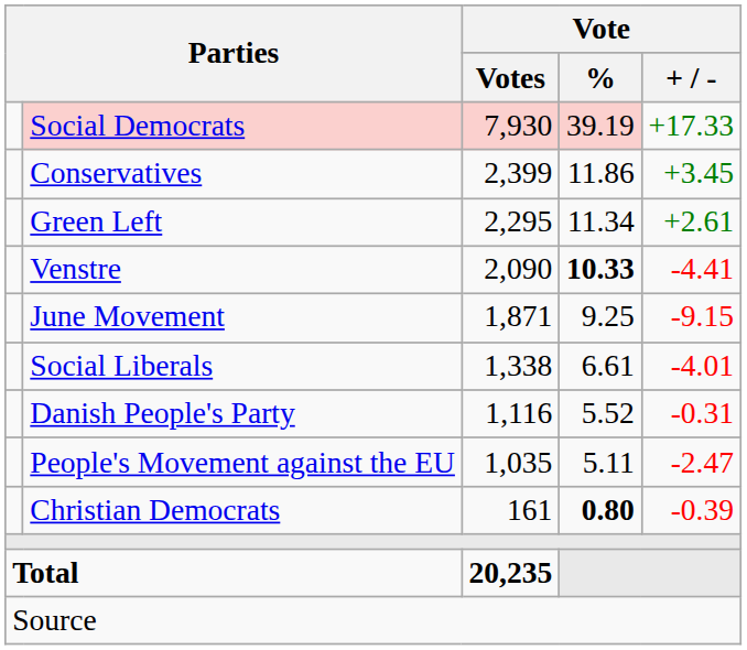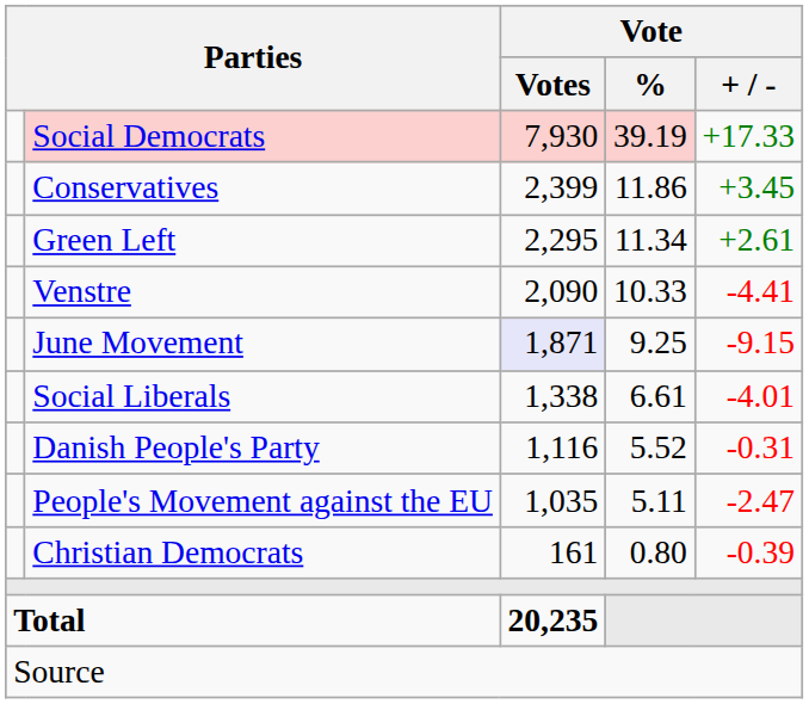 <table class="wikitable" style="text-align:right;">
 <tr>
 <th style="text-align:centre;" rowspan="2" colspan="2" width="225">Parties</th>
 <th colspan="3">Vote</th>
 </tr>
 <tr>
 <th width="15">Votes</th>
 <th width="15">%</th>
 <th width="15">+ / -</th>
 </tr>
 <tr>
 <td width="2" style="color:inherit;background:"></td>
 <td bgcolor=#fbd0ce   align="left"><a href='#'>Social Democrats</a></td>
 <td bgcolor=#fbd0ce>7,930</td>
 <td bgcolor=#fbd0ce>39.19</td>
 <td style=color:green;>+17.33</td>
 </tr>
 <tr>
 <td width="2" style="color:inherit;background:"></td>
 <td align="left"><a href='#'>Conservatives</a></td>
 <td>2,399</td>
 <td>11.86</td>
 <td style=color:green;>+3.45</td>
 </tr>
 <tr>
 <td width="2" style="color:inherit;background:"></td>
 <td align="left"><a href='#'>Green Left</a></td>
 <td>2,295</td>
 <td>11.34</td>
 <td style=color:green;>+2.61</td>
 </tr>
 <tr>
 <td width="2" style="color:inherit;background:"></td>
 <td align="left"><a href='#'>Venstre</a></td>
 <td>2,090</td>
-<td><strong>10.33</strong></td>
+<td>10.33</td>
 <td style=color:red;>-4.41</td>
 </tr>
 <tr>
 <td width="2" style="color:inherit;background:"></td>
 <td align="left"><a href='#'>June Movement</a></td>
-<td>1,871</td>
+<td style="background: lavender;">1,871</td>
 <td>9.25</td>
 <td style=color:red;>-9.15</td>
 </tr>
 <tr>
 <td width="2" style="color:inherit;background:"></td>
 <td align="left"><a href='#'>Social Liberals</a></td>
 <td>1,338</td>
 <td>6.61</td>
 <td style=color:red;>-4.01</td>
 </tr>
 <tr>
 <td width="2" style="color:inherit;background:"></td>
 <td align="left"><a href='#'>Danish People's Party</a></td>
 <td>1,116</td>
 <td>5.52</td>
 <td style=color:red;>-0.31</td>
 </tr>
 <tr>
 <td width="2" style="color:inherit;background:"></td>
 <td align="left"><a href='#'>People's Movement against the EU</a></td>
 <td>1,035</td>
 <td>5.11</td>
 <td style=color:red;>-2.47</td>
 </tr>
 <tr>
 <td width="2" style="color:inherit;background:"></td>
 <td align="left"><a href='#'>Christian Democrats</a></td>
 <td>161</td>
-<td><strong>0.80</strong></td>
+<td>0.80</td>
 <td style=color:red;>-0.39</td>
 </tr>
 <tr>
 <td colspan="7" bgcolor="#E9E9E9"></td>
 </tr>
 <tr>
 <td align="left" colspan="2"><strong>Total</strong></td>
 <td><strong>20,235</strong></td>
 <td bgcolor="#E9E9E9" colspan="2"></td>
 </tr>
 <tr>
 <td align="left" colspan="6">Source</td>
 </tr>
 </table>
